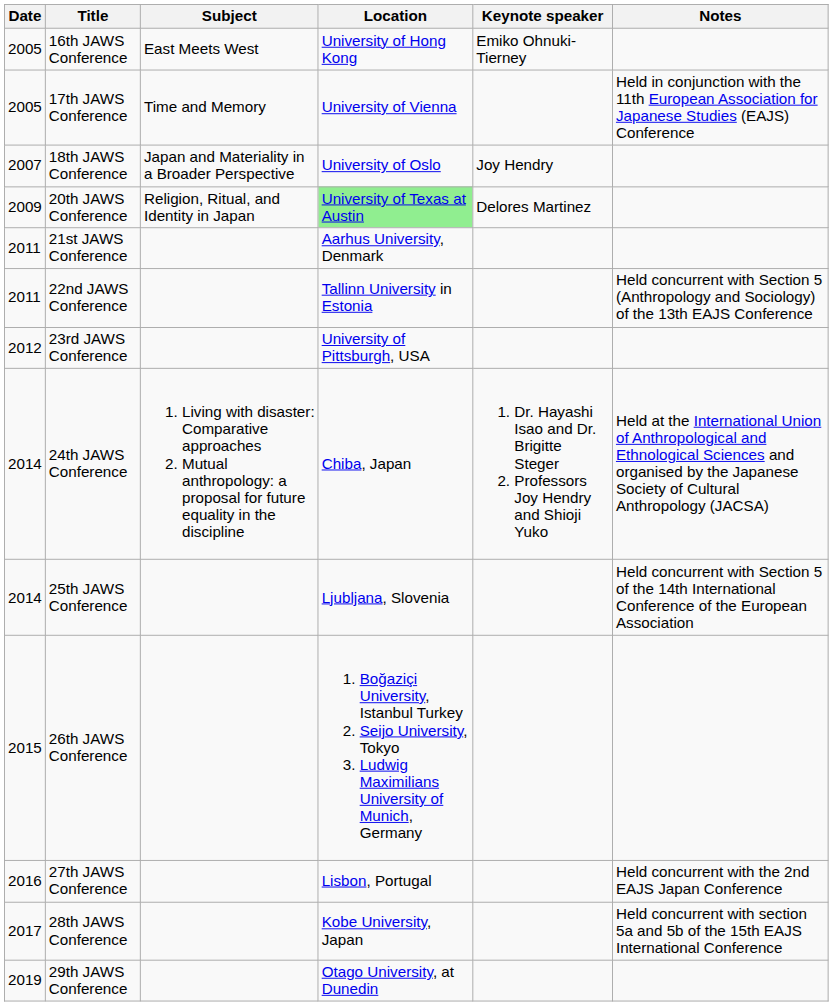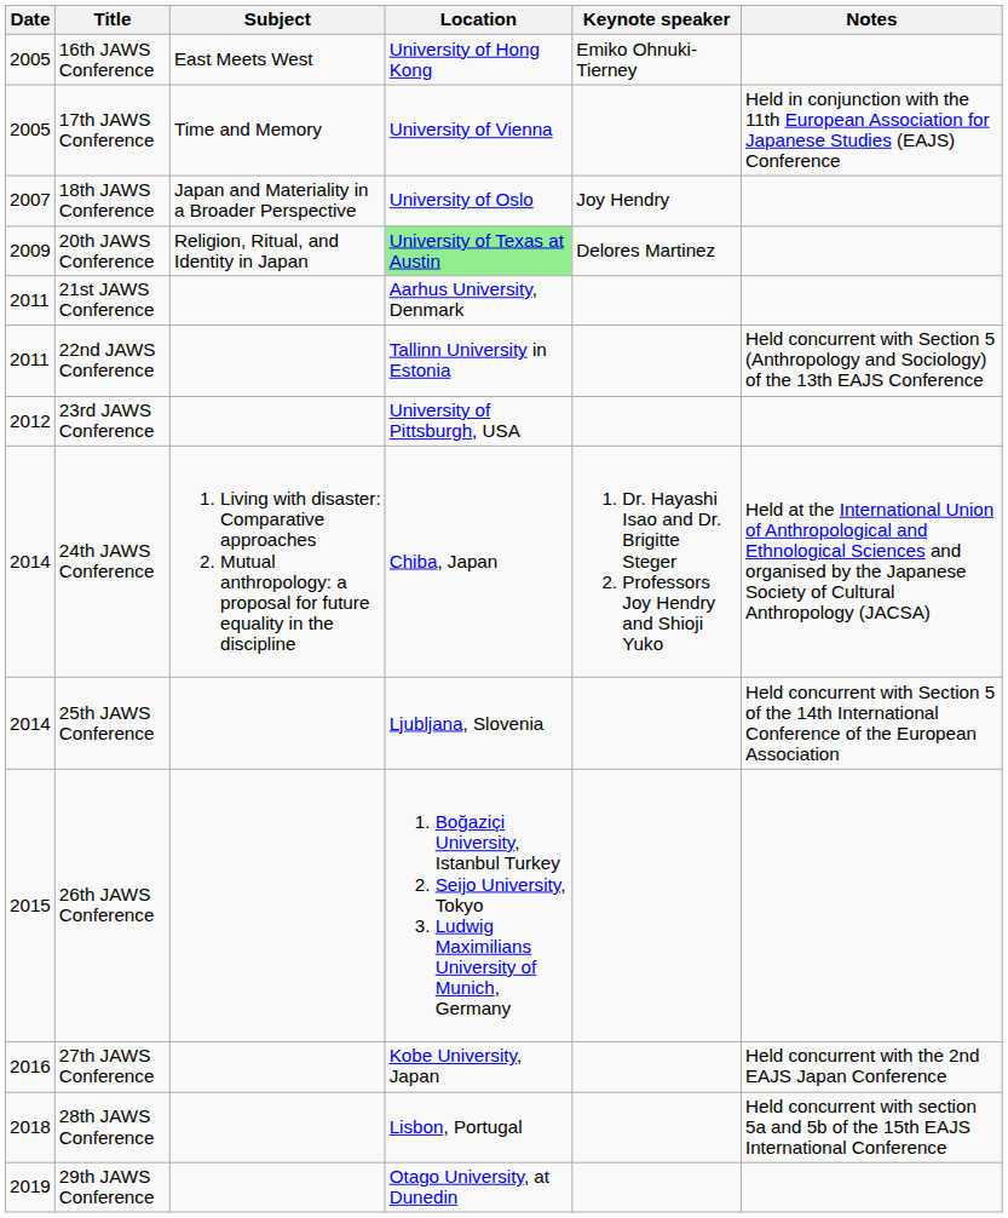 <table border="1" class="wikitable">
 <tr>
 <th>Date</th>
 <th>Title</th>
 <th>Subject</th>
 <th>Location</th>
 <th>Keynote speaker</th>
 <th>Notes</th>
 </tr>
 <tr>
 <td>2005</td>
 <td>16th JAWS Conference</td>
 <td>East Meets West</td>
 <td><a href='#'>University of Hong Kong</a></td>
 <td>Emiko Ohnuki-Tierney</td>
 <td></td>
 </tr>
 <tr>
 <td>2005</td>
 <td>17th JAWS Conference</td>
 <td>Time and Memory</td>
 <td><a href='#'>University of Vienna</a></td>
 <td></td>
 <td>Held in conjunction with the 11th <a href='#'>European Association for Japanese Studies</a> (EAJS) Conference</td>
 </tr>
 <tr>
 <td>2007</td>
 <td>18th JAWS Conference</td>
 <td>Japan and Materiality in a Broader Perspective</td>
 <td><a href='#'>University of Oslo</a></td>
 <td>Joy Hendry</td>
 <td></td>
 </tr>
 <tr>
 <td>2009</td>
 <td>20th JAWS Conference</td>
 <td>Religion, Ritual, and Identity in Japan</td>
 <td style="background: lightgreen;"><a href='#'>University of Texas at Austin</a></td>
 <td>Delores Martinez</td>
 <td></td>
 </tr>
 <tr>
 <td>2011</td>
 <td>21st JAWS Conference</td>
 <td></td>
 <td><a href='#'>Aarhus University</a>, Denmark</td>
 <td></td>
 <td></td>
 </tr>
 <tr>
 <td>2011</td>
 <td>22nd JAWS Conference</td>
 <td></td>
 <td><a href='#'>Tallinn University</a> in <a href='#'>Estonia</a></td>
 <td></td>
 <td>Held concurrent with Section 5 (Anthropology and Sociology) of the 13th EAJS Conference</td>
 </tr>
 <tr>
 <td>2012</td>
 <td>23rd JAWS Conference</td>
 <td></td>
 <td><a href='#'>University of Pittsburgh</a>, USA</td>
 <td></td>
 <td></td>
 </tr>
 <tr>
 <td>2014</td>
 <td>24th JAWS Conference</td>
 <td><br><ol><li>Living with disaster: Comparative approaches</li><li>Mutual anthropology: a proposal for future equality in the discipline</li></ol></td>
 <td><a href='#'>Chiba</a>, Japan</td>
 <td><br><ol><li>Dr. Hayashi Isao and Dr. Brigitte Steger</li><li>Professors Joy Hendry and Shioji Yuko</li></ol></td>
 <td>Held at the <a href='#'>International Union of Anthropological and Ethnological Sciences</a> and organised by the Japanese Society of Cultural Anthropology (JACSA)</td>
 </tr>
 <tr>
 <td>2014</td>
 <td>25th JAWS Conference</td>
 <td></td>
 <td><a href='#'>Ljubljana</a>, Slovenia</td>
 <td></td>
 <td>Held concurrent with Section 5 of the 14th International Conference of the European Association</td>
 </tr>
 <tr>
 <td>2015</td>
 <td>26th JAWS Conference</td>
 <td></td>
 <td><br><ol><li><a href='#'>Boğaziçi University</a>, Istanbul Turkey</li><li><a href='#'>Seijo University</a>, Tokyo</li><li><a href='#'>Ludwig Maximilians University of Munich</a>, Germany</li></ol></td>
 <td></td>
 <td></td>
 </tr>
 <tr>
 <td>2016</td>
 <td>27th JAWS Conference</td>
 <td></td>
-<td><a href='#'>Lisbon</a>, Portugal</td>
+<td><a href='#'>Kobe University</a>, Japan</td>
 <td></td>
 <td>Held concurrent with the 2nd EAJS Japan Conference</td>
 </tr>
 <tr>
-<td>2017</td>
+<td>2018</td>
 <td>28th JAWS Conference</td>
 <td></td>
-<td><a href='#'>Kobe University</a>, Japan</td>
+<td><a href='#'>Lisbon</a>, Portugal</td>
 <td></td>
 <td>Held concurrent with section 5a and 5b of the 15th EAJS International Conference</td>
 </tr>
 <tr>
 <td>2019</td>
 <td>29th JAWS Conference</td>
 <td></td>
 <td><a href='#'>Otago University</a>, at <a href='#'>Dunedin</a></td>
 <td></td>
 <td></td>
 </tr>
 </table>
